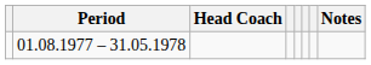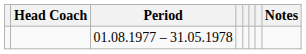 <table class="wikitable" style="text-align: left;">
 <tr>
 <th></th>
+<th>Head Coach</th>
 <th>Period</th>
-<th>Head Coach</th>
 <th></th>
 <th></th>
 <th></th>
 <th></th>
 <th>Notes</th>
 </tr>
 <tr>
 <td></td>
+<td></td>
 <td>01.08.1977 – 31.05.1978</td>
-<td></td>
 <td align="center"></td>
 <td align="center"></td>
 <td align="center"></td>
 <td align="center"></td>
 <td></td>
 </tr>
 </table>
